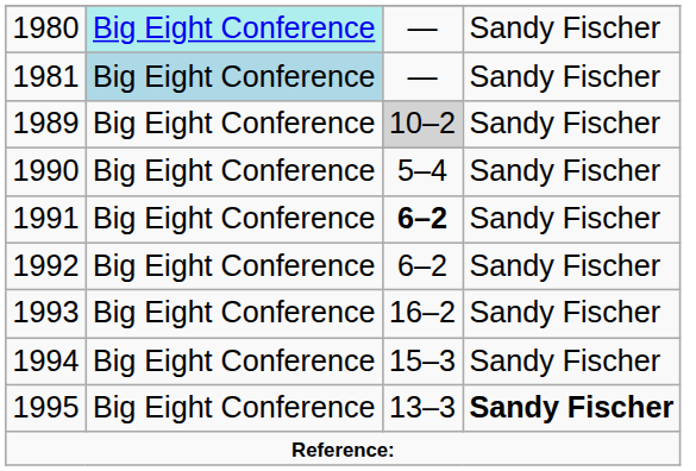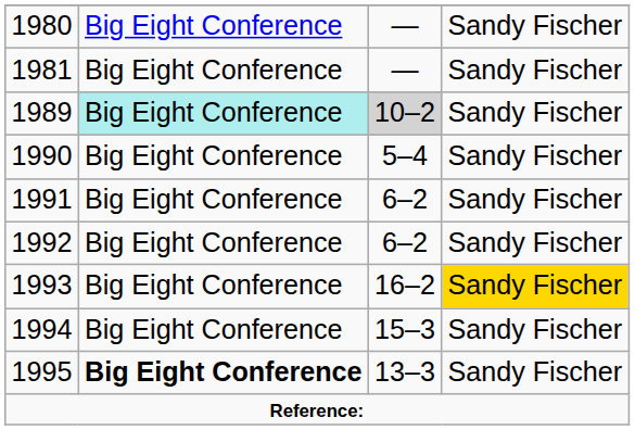 <table class="wikitable">
 <tr>
 </tr>
 <tr>
 <td>1980</td>
-<td style="background: paleturquoise;"><a href='#'>Big Eight Conference</a></td>
+<td><a href='#'>Big Eight Conference</a></td>
 <td align=center>—</td>
 <td>Sandy Fischer</td>
 </tr>
 <tr>
 <td>1981</td>
-<td style="background: lightblue;">Big Eight Conference</td>
+<td>Big Eight Conference</td>
 <td align=center>—</td>
 <td>Sandy Fischer</td>
 </tr>
 <tr>
 <td>1989</td>
-<td>Big Eight Conference</td>
+<td style="background: paleturquoise;">Big Eight Conference</td>
 <td align=center style="background: lightgrey;">10–2</td>
 <td>Sandy Fischer</td>
 </tr>
 <tr>
 <td>1990</td>
 <td>Big Eight Conference</td>
 <td align=center>5–4</td>
 <td>Sandy Fischer</td>
 </tr>
 <tr>
 <td>1991</td>
 <td>Big Eight Conference</td>
-<td align=center><strong>6–2</strong></td>
+<td align=center>6–2</td>
 <td>Sandy Fischer</td>
 </tr>
 <tr>
 <td>1992</td>
 <td>Big Eight Conference</td>
 <td align=center>6–2</td>
 <td>Sandy Fischer</td>
 </tr>
 <tr>
 <td>1993</td>
 <td>Big Eight Conference</td>
 <td align=center>16–2</td>
-<td>Sandy Fischer</td>
+<td style="background: gold;">Sandy Fischer</td>
 </tr>
 <tr>
 <td>1994</td>
 <td>Big Eight Conference</td>
 <td align=center>15–3</td>
 <td>Sandy Fischer</td>
 </tr>
 <tr>
 <td>1995</td>
-<td>Big Eight Conference</td>
+<td><strong>Big Eight Conference</strong></td>
 <td align=center>13–3</td>
-<td><strong>Sandy Fischer</strong></td>
+<td>Sandy Fischer</td>
 </tr>
 <tr>
 <td colspan="4" style="font-size:8pt; text-align:center;"><strong>Reference:</strong> </td>
 </tr>
 </table>
